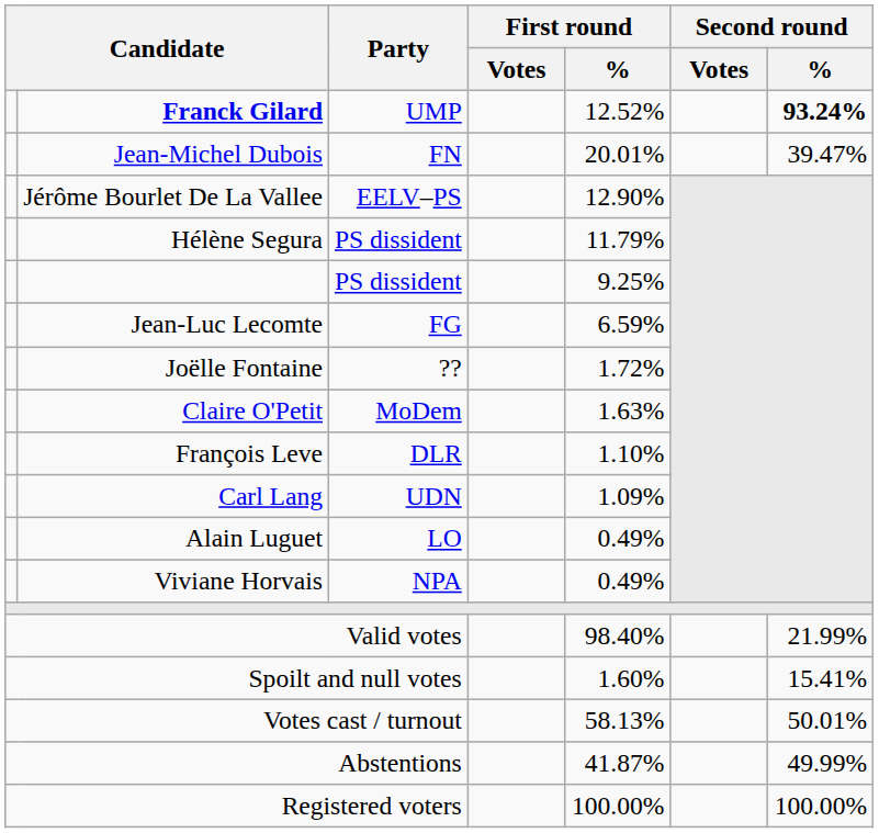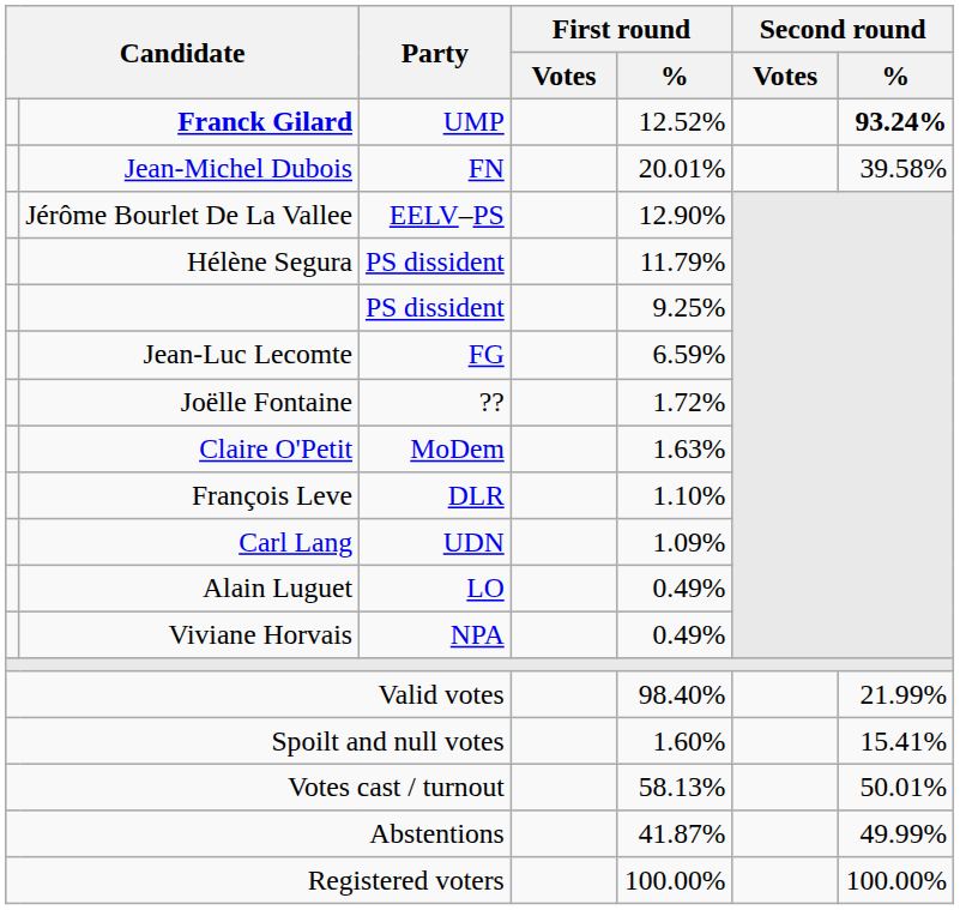 <table class="wikitable" style="text-align:right;font-size:95%;">
 <tr>
 <th rowspan=2 colspan=2>Candidate</th>
 <th rowspan=2 colspan=1>Party</th>
 <th colspan=2>First round</th>
 <th colspan=2>Second round</th>
 </tr>
 <tr>
 <th style="width:50px;">Votes</th>
 <th style="width:55px;">%</th>
 <th style="width:50px;">Votes</th>
 <th style="width:55px;">%</th>
 </tr>
 <tr>
 <td style="color:inherit;background-color:"></td>
 <td><strong><a href='#'>Franck Gilard</a></strong></td>
 <td><a href='#'>UMP</a></td>
 <td></td>
 <td>12.52%</td>
 <td><strong></strong></td>
 <td><strong>93.24%</strong></td>
 </tr>
 <tr>
 <td style="color:inherit;background-color:"></td>
 <td><a href='#'>Jean-Michel Dubois</a></td>
 <td><a href='#'>FN</a></td>
 <td></td>
 <td>20.01%</td>
 <td></td>
-<td>39.47%</td>
+<td>39.58%</td>
 </tr>
 <tr>
 <td style="color:inherit;background-color:"></td>
 <td>Jérôme Bourlet De La Vallee</td>
 <td><a href='#'>EELV</a>–<a href='#'>PS</a></td>
 <td></td>
 <td>12.90%</td>
 <td colspan=7 rowspan=10 style="background-color:#E9E9E9;"></td>
 </tr>
 <tr>
 <td style="color:inherit;background-color:"></td>
 <td>Hélène Segura</td>
 <td><a href='#'>PS dissident</a></td>
 <td></td>
 <td>11.79%</td>
 </tr>
 <tr>
 <td style="color:inherit;background-color:"></td>
 <td></td>
 <td><a href='#'>PS dissident</a></td>
 <td></td>
 <td>9.25%</td>
 </tr>
 <tr>
 <td style="color:inherit;background-color:"></td>
 <td>Jean-Luc Lecomte</td>
 <td><a href='#'>FG</a></td>
 <td></td>
 <td>6.59%</td>
 </tr>
 <tr>
 <td style="background-color:;"></td>
 <td>Joëlle Fontaine</td>
 <td>??</td>
 <td></td>
 <td>1.72%</td>
 </tr>
 <tr>
 <td style="color:inherit;background-color:"></td>
 <td><a href='#'>Claire O'Petit</a></td>
 <td><a href='#'>MoDem</a></td>
 <td></td>
 <td>1.63%</td>
 </tr>
 <tr>
 <td style="color:inherit;background-color:"></td>
 <td>François Leve</td>
 <td><a href='#'>DLR</a></td>
 <td></td>
 <td>1.10%</td>
 </tr>
 <tr>
 <td style="color:inherit;background-color:"></td>
 <td><a href='#'>Carl Lang</a></td>
 <td><a href='#'>UDN</a></td>
 <td></td>
 <td>1.09%</td>
 </tr>
 <tr>
 <td style="color:inherit;background-color:"></td>
 <td>Alain Luguet</td>
 <td><a href='#'>LO</a></td>
 <td></td>
 <td>0.49%</td>
 </tr>
 <tr>
 <td style="color:inherit;background-color:"></td>
 <td>Viviane Horvais</td>
 <td><a href='#'>NPA</a></td>
 <td></td>
 <td>0.49%</td>
 </tr>
 <tr>
 <td colspan=7 style="background-color:#E9E9E9;"></td>
 </tr>
 <tr>
 <td colspan=3>Valid votes</td>
 <td></td>
 <td>98.40%</td>
 <td></td>
 <td>21.99%</td>
 </tr>
 <tr>
 <td colspan=3>Spoilt and null votes</td>
 <td></td>
 <td>1.60%</td>
 <td></td>
 <td>15.41%</td>
 </tr>
 <tr>
 <td colspan=3>Votes cast / turnout</td>
 <td></td>
 <td>58.13%</td>
 <td></td>
 <td>50.01%</td>
 </tr>
 <tr>
 <td colspan=3>Abstentions</td>
 <td></td>
 <td>41.87%</td>
 <td></td>
 <td>49.99%</td>
 </tr>
 <tr>
 <td colspan=3>Registered voters</td>
 <td></td>
 <td>100.00%</td>
 <td></td>
 <td>100.00%</td>
 </tr>
 </table>
